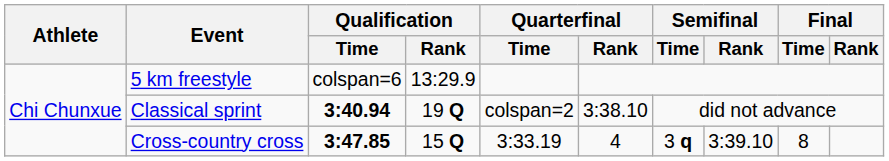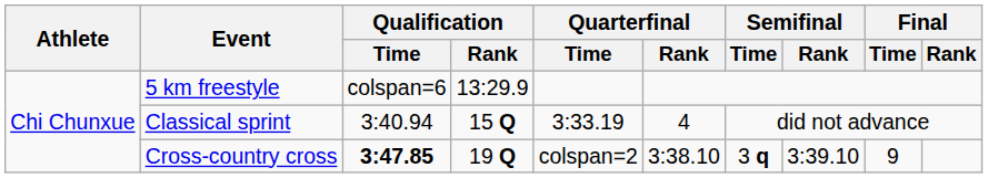 <table class="wikitable" style="font-size:90%">
 <tr>
 <th rowspan="2">Athlete</th>
 <th rowspan="2">Event</th>
 <th colspan="2">Qualification</th>
 <th colspan="2">Quarterfinal</th>
 <th colspan="2">Semifinal</th>
 <th colspan="2">Final</th>
 </tr>
 <tr style="font-size:95%">
 <th>Time</th>
 <th>Rank</th>
 <th>Time</th>
 <th>Rank</th>
 <th>Time</th>
 <th>Rank</th>
 <th>Time</th>
 <th>Rank</th>
 </tr>
 <tr align=center>
 <td align=left rowspan=3><a href='#'>Chi Chunxue</a></td>
 <td align=left><a href='#'>5 km freestyle</a></td>
 <td>colspan=6 </td>
 <td>13:29.9</td>
 <td></td>
 </tr>
 <tr align=center>
 <td align=left><a href='#'>Classical sprint</a></td>
-<td><strong>3:40.94</strong></td>
-<td>19 <strong>Q</strong></td>
-<td>colspan=2 </td>
-<td>3:38.10</td>
+<td>3:40.94</td>
+<td>15 <strong>Q</strong></td>
+<td>3:33.19</td>
+<td>4</td>
 <td colspan=4>did not advance</td>
 </tr>
 <tr align=center>
 <td align=left><a href='#'>Cross-country cross</a></td>
 <td><strong>3:47.85</strong></td>
-<td>15 <strong>Q</strong></td>
-<td>3:33.19</td>
-<td>4</td>
+<td>19 <strong>Q</strong></td>
+<td>colspan=2 </td>
+<td>3:38.10</td>
 <td>3 <strong>q</strong></td>
 <td>3:39.10</td>
-<td>8</td>
+<td>9</td>
 </tr>
 </table>
